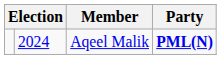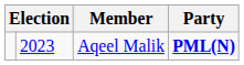 <table class="wikitable">
 <tr>
 <th colspan="2">Election</th>
 <th>Member</th>
 <th>Party</th>
 </tr>
 <tr>
 <td style="background-color: "></td>
-<td><a href='#'>2024</a></td>
+<td><a href='#'>2023</a></td>
 <td><a href='#'>Aqeel Malik</a></td>
 <td><strong><a href='#'>PML(N)</a></strong></td>
 </tr>
 </table>
